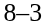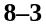 <table style="text-align:center">
 <tr>
 <th width=200></th>
 <th width=100></th>
 <th width=200></th>
 </tr>
 <tr>
 <td align=right><strong></strong></td>
-<td>8–3</td>
+<td><strong>8–3</strong></td>
 <td align=left></td>
 </tr>
 </table>
